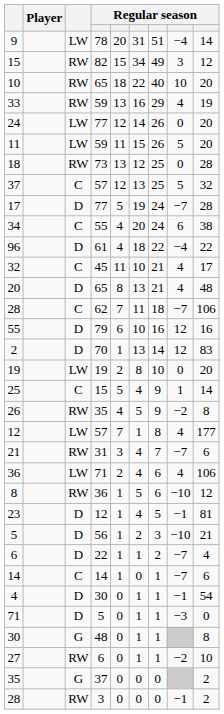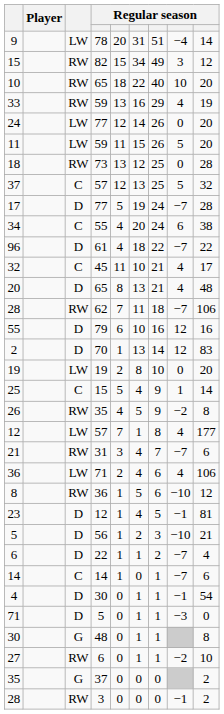 <table class="wikitable sortable plainrowheaders" style="text-align:center;">
 <tr>
 <th scope="col" data-sort-type="number" rowspan="2"></th>
 <th scope="col" rowspan="2">Player</th>
 <th scope="col" rowspan="2"></th>
 <th scope=colgroup colspan=6>Regular season</th>
 </tr>
 <tr>
 <th scope="col" data-sort-type="number"></th>
 <th scope="col" data-sort-type="number"></th>
 <th scope="col" data-sort-type="number"></th>
 <th scope="col" data-sort-type="number"></th>
 <th scope="col" data-sort-type="number"></th>
 <th scope="col" data-sort-type="number"></th>
 </tr>
 <tr>
 <td scope="row">9</td>
 <td align="left"></td>
 <td>LW</td>
 <td>78</td>
 <td>20</td>
 <td>31</td>
 <td>51</td>
 <td>−4</td>
 <td>14</td>
 </tr>
 <tr>
 <td scope="row">15</td>
 <td align="left"></td>
 <td>RW</td>
 <td>82</td>
 <td>15</td>
 <td>34</td>
 <td>49</td>
 <td>3</td>
 <td>12</td>
 </tr>
 <tr>
 <td scope="row">10</td>
 <td align="left"></td>
 <td>RW</td>
 <td>65</td>
 <td>18</td>
 <td>22</td>
 <td>40</td>
 <td>10</td>
 <td>20</td>
 </tr>
 <tr>
 <td scope="row">33</td>
 <td align="left"></td>
 <td>RW</td>
 <td>59</td>
 <td>13</td>
 <td>16</td>
 <td>29</td>
 <td>4</td>
 <td>19</td>
 </tr>
 <tr>
 <td scope="row">24</td>
 <td align="left"></td>
 <td>LW</td>
 <td>77</td>
 <td>12</td>
 <td>14</td>
 <td>26</td>
 <td>0</td>
 <td>20</td>
 </tr>
 <tr>
 <td scope="row">11</td>
 <td align="left"></td>
 <td>LW</td>
 <td>59</td>
 <td>11</td>
 <td>15</td>
 <td>26</td>
 <td>5</td>
 <td>20</td>
 </tr>
 <tr>
 <td scope="row">18</td>
 <td align="left"></td>
 <td>RW</td>
 <td>73</td>
 <td>13</td>
 <td>12</td>
 <td>25</td>
 <td>0</td>
 <td>28</td>
 </tr>
 <tr>
 <td scope="row">37</td>
 <td align="left"></td>
 <td>C</td>
 <td>57</td>
 <td>12</td>
 <td>13</td>
 <td>25</td>
 <td>5</td>
 <td>32</td>
 </tr>
 <tr>
 <td scope="row">17</td>
 <td align="left"></td>
 <td>D</td>
 <td>77</td>
 <td>5</td>
 <td>19</td>
 <td>24</td>
 <td>−7</td>
 <td>28</td>
 </tr>
 <tr>
 <td scope="row">34</td>
 <td align="left"></td>
 <td>C</td>
 <td>55</td>
 <td>4</td>
 <td>20</td>
 <td>24</td>
 <td>6</td>
 <td>38</td>
 </tr>
 <tr>
 <td scope="row">96</td>
 <td align="left"></td>
 <td>D</td>
 <td>61</td>
 <td>4</td>
 <td>18</td>
 <td>22</td>
-<td>−4</td>
+<td>−7</td>
 <td>22</td>
 </tr>
 <tr>
 <td scope="row">32</td>
 <td align="left"></td>
 <td>C</td>
 <td>45</td>
 <td>11</td>
 <td>10</td>
 <td>21</td>
 <td>4</td>
 <td>17</td>
 </tr>
 <tr>
 <td scope="row">20</td>
 <td align="left"></td>
 <td>D</td>
 <td>65</td>
 <td>8</td>
 <td>13</td>
 <td>21</td>
 <td>4</td>
 <td>48</td>
 </tr>
 <tr>
 <td scope="row">28</td>
 <td align="left"></td>
-<td>C</td>
+<td>RW</td>
 <td>62</td>
 <td>7</td>
 <td>11</td>
 <td>18</td>
 <td>−7</td>
 <td>106</td>
 </tr>
 <tr>
 <td scope="row">55</td>
 <td align="left"></td>
 <td>D</td>
 <td>79</td>
 <td>6</td>
 <td>10</td>
 <td>16</td>
 <td>12</td>
 <td>16</td>
 </tr>
 <tr>
 <td scope="row">2</td>
 <td align="left"></td>
 <td>D</td>
 <td>70</td>
 <td>1</td>
 <td>13</td>
 <td>14</td>
 <td>12</td>
 <td>83</td>
 </tr>
 <tr>
 <td scope="row">19</td>
 <td align="left"></td>
 <td>LW</td>
 <td>19</td>
 <td>2</td>
 <td>8</td>
 <td>10</td>
 <td>0</td>
 <td>20</td>
 </tr>
 <tr>
 <td scope="row">25</td>
 <td align="left"></td>
 <td>C</td>
 <td>15</td>
 <td>5</td>
 <td>4</td>
 <td>9</td>
 <td>1</td>
 <td>14</td>
 </tr>
 <tr>
 <td scope="row">26</td>
 <td align="left"></td>
 <td>RW</td>
 <td>35</td>
 <td>4</td>
 <td>5</td>
 <td>9</td>
 <td>−2</td>
 <td>8</td>
 </tr>
 <tr>
 <td scope="row">12</td>
 <td align="left"></td>
 <td>LW</td>
 <td>57</td>
 <td>7</td>
 <td>1</td>
 <td>8</td>
 <td>4</td>
 <td>177</td>
 </tr>
 <tr>
 <td scope="row">21</td>
 <td align="left"></td>
 <td>RW</td>
 <td>31</td>
 <td>3</td>
 <td>4</td>
 <td>7</td>
 <td>−7</td>
 <td>6</td>
 </tr>
 <tr>
 <td scope="row">36</td>
 <td align="left"></td>
 <td>LW</td>
 <td>71</td>
 <td>2</td>
 <td>4</td>
 <td>6</td>
 <td>4</td>
 <td>106</td>
 </tr>
 <tr>
 <td scope="row">8</td>
 <td align="left"></td>
 <td>RW</td>
 <td>36</td>
 <td>1</td>
 <td>5</td>
 <td>6</td>
 <td>−10</td>
 <td>12</td>
 </tr>
 <tr>
 <td scope="row">23</td>
 <td align="left"></td>
 <td>D</td>
 <td>12</td>
 <td>1</td>
 <td>4</td>
 <td>5</td>
 <td>−1</td>
 <td>81</td>
 </tr>
 <tr>
 <td scope="row">5</td>
 <td align="left"></td>
 <td>D</td>
 <td>56</td>
 <td>1</td>
 <td>2</td>
 <td>3</td>
 <td>−10</td>
 <td>21</td>
 </tr>
 <tr>
 <td scope="row">6</td>
 <td align="left"></td>
 <td>D</td>
 <td>22</td>
 <td>1</td>
 <td>1</td>
 <td>2</td>
 <td>−7</td>
 <td>4</td>
 </tr>
 <tr>
 <td scope="row">14</td>
 <td align="left"></td>
 <td>C</td>
 <td>14</td>
 <td>1</td>
 <td>0</td>
 <td>1</td>
 <td>−7</td>
 <td>6</td>
 </tr>
 <tr>
 <td scope="row">4</td>
 <td align="left"></td>
 <td>D</td>
 <td>30</td>
 <td>0</td>
 <td>1</td>
 <td>1</td>
 <td>−1</td>
 <td>54</td>
 </tr>
 <tr>
 <td scope="row">71</td>
 <td align="left"></td>
 <td>D</td>
 <td>5</td>
 <td>0</td>
 <td>1</td>
 <td>1</td>
 <td>−3</td>
 <td>0</td>
 </tr>
 <tr>
 <td scope="row">30</td>
 <td align="left"></td>
 <td>G</td>
 <td>48</td>
 <td>0</td>
 <td>1</td>
 <td>1</td>
 <td style="background:#ccc"></td>
 <td>8</td>
 </tr>
 <tr>
 <td scope="row">27</td>
 <td align="left"></td>
 <td>RW</td>
 <td>6</td>
 <td>0</td>
 <td>1</td>
 <td>1</td>
 <td>−2</td>
 <td>10</td>
 </tr>
 <tr>
 <td scope="row">35</td>
 <td align="left"></td>
 <td>G</td>
 <td>37</td>
 <td>0</td>
 <td>0</td>
 <td>0</td>
 <td style="background:#ccc"></td>
 <td>2</td>
 </tr>
 <tr>
 <td scope="row">28</td>
 <td align="left"></td>
 <td>RW</td>
 <td>3</td>
 <td>0</td>
 <td>0</td>
 <td>0</td>
 <td>−1</td>
 <td>2</td>
 </tr>
 </table>
